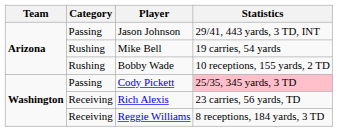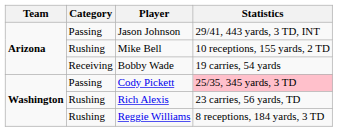 <table class="wikitable" style="float: right;">
 <tr>
 <th>Team</th>
 <th>Category</th>
 <th>Player</th>
 <th>Statistics</th>
 </tr>
 <tr>
 <td rowspan=3><strong>Arizona</strong></td>
 <td>Passing</td>
 <td>Jason Johnson</td>
 <td>29/41, 443 yards, 3 TD, INT</td>
 </tr>
 <tr>
 <td>Rushing</td>
 <td>Mike Bell</td>
-<td>19 carries, 54 yards</td>
+<td>10 receptions, 155 yards, 2 TD</td>
 </tr>
 <tr>
-<td>Rushing</td>
+<td>Receiving</td>
 <td>Bobby Wade</td>
-<td>10 receptions, 155 yards, 2 TD</td>
+<td>19 carries, 54 yards</td>
 </tr>
 <tr>
 <td rowspan=3><strong>Washington</strong></td>
 <td>Passing</td>
 <td><a href='#'>Cody Pickett</a></td>
 <td style="background: pink;">25/35, 345 yards, 3 TD</td>
 </tr>
 <tr>
-<td>Receiving</td>
+<td>Rushing</td>
 <td><a href='#'>Rich Alexis</a></td>
 <td>23 carries, 56 yards, TD</td>
 </tr>
 <tr>
-<td>Receiving</td>
+<td>Rushing</td>
 <td><a href='#'>Reggie Williams</a></td>
 <td>8 receptions, 184 yards, 3 TD</td>
 </tr>
 </table>
